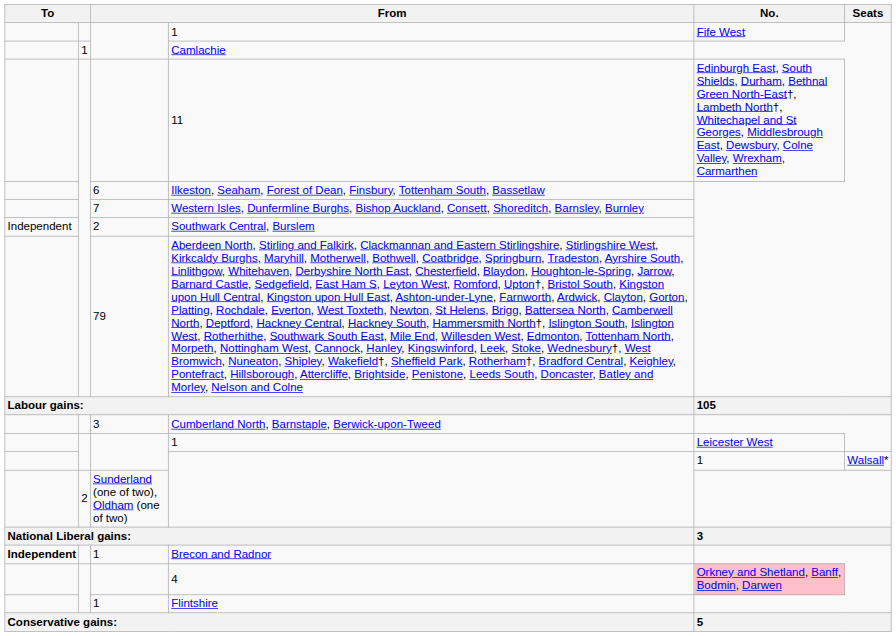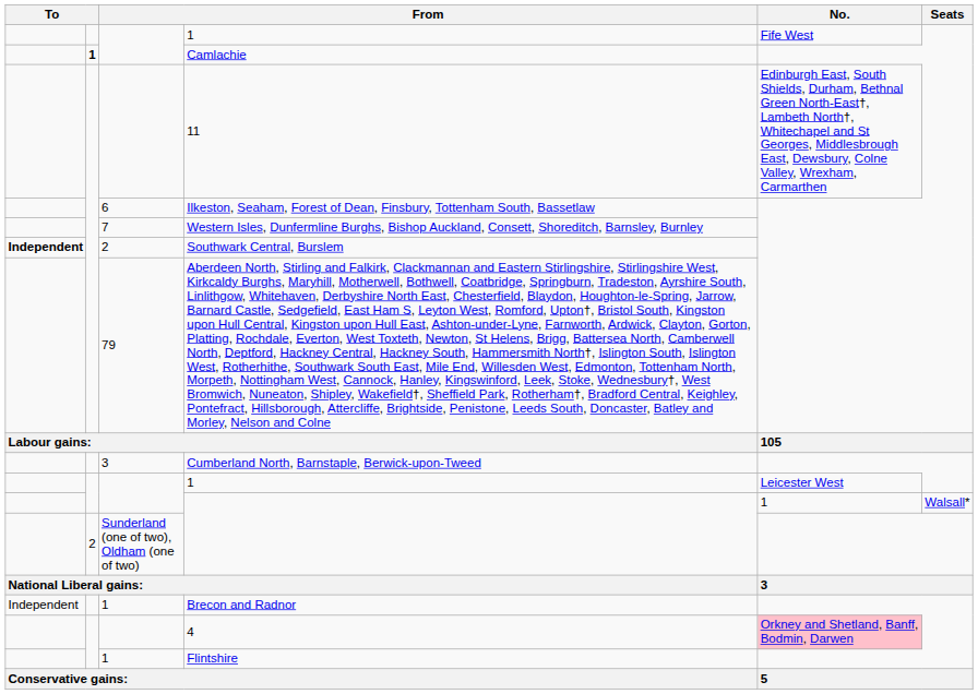 <table class="wikitable sortable" style="margin:1em">
 <tr>
 <th colspan=2>To</th>
 <th colspan=2>From</th>
 <th>No.</th>
 <th class=unsortable>Seats</th>
 </tr>
 <tr>
 <td></td>
 <td></td>
 <td rowspan="2"></td>
 <td>1</td>
 <td><a href='#'>Fife West</a></td>
 </tr>
 <tr>
 <td></td>
-<td>1</td>
+<td><strong>1</strong></td>
 <td><a href='#'>Camlachie</a></td>
 </tr>
 <tr>
 <td></td>
 <td rowspan="5"></td>
 <td></td>
 <td>11</td>
 <td><a href='#'>Edinburgh East</a>, <a href='#'>South Shields</a>, <a href='#'>Durham</a>, <a href='#'>Bethnal Green North-East</a>†, <a href='#'>Lambeth North</a>†, <a href='#'>Whitechapel and St Georges</a>, <a href='#'>Middlesbrough East</a>, <a href='#'>Dewsbury</a>, <a href='#'>Colne Valley</a>, <a href='#'>Wrexham</a>, <a href='#'>Carmarthen</a></td>
 </tr>
 <tr>
 <td></td>
 <td>6</td>
 <td><a href='#'>Ilkeston</a>, <a href='#'>Seaham</a>, <a href='#'>Forest of Dean</a>, <a href='#'>Finsbury</a>, <a href='#'>Tottenham South</a>, <a href='#'>Bassetlaw</a></td>
 </tr>
 <tr>
 <td></td>
 <td>7</td>
 <td><a href='#'>Western Isles</a>, <a href='#'>Dunfermline Burghs</a>, <a href='#'>Bishop Auckland</a>, <a href='#'>Consett</a>, <a href='#'>Shoreditch</a>, <a href='#'>Barnsley</a>, <a href='#'>Burnley</a></td>
 </tr>
 <tr>
-<td> Independent</td>
+<td><strong> Independent</strong></td>
 <td>2</td>
 <td><a href='#'>Southwark Central</a>, <a href='#'>Burslem</a></td>
 </tr>
 <tr>
 <td></td>
 <td>79</td>
 <td><a href='#'>Aberdeen North</a>, <a href='#'>Stirling and Falkirk</a>, <a href='#'>Clackmannan and Eastern Stirlingshire</a>, <a href='#'>Stirlingshire West</a>, <a href='#'>Kirkcaldy Burghs</a>, <a href='#'>Maryhill</a>, <a href='#'>Motherwell</a>, <a href='#'>Bothwell</a>, <a href='#'>Coatbridge</a>, <a href='#'>Springburn</a>, <a href='#'>Tradeston</a>, <a href='#'>Ayrshire South</a>, <a href='#'>Linlithgow</a>, <a href='#'>Whitehaven</a>, <a href='#'>Derbyshire North East</a>, <a href='#'>Chesterfield</a>, <a href='#'>Blaydon</a>, <a href='#'>Houghton-le-Spring</a>, <a href='#'>Jarrow</a>, <a href='#'>Barnard Castle</a>, <a href='#'>Sedgefield</a>, <a href='#'>East Ham S</a>, <a href='#'>Leyton West</a>, <a href='#'>Romford</a>, <a href='#'>Upton</a>†, <a href='#'>Bristol South</a>, <a href='#'>Kingston upon Hull Central</a>, <a href='#'>Kingston upon Hull East</a>, <a href='#'>Ashton-under-Lyne</a>, <a href='#'>Farnworth</a>, <a href='#'>Ardwick</a>, <a href='#'>Clayton</a>, <a href='#'>Gorton</a>, <a href='#'>Platting</a>, <a href='#'>Rochdale</a>, <a href='#'>Everton</a>, <a href='#'>West Toxteth</a>, <a href='#'>Newton</a>, <a href='#'>St Helens</a>, <a href='#'>Brigg</a>, <a href='#'>Battersea North</a>, <a href='#'>Camberwell North</a>, <a href='#'>Deptford</a>, <a href='#'>Hackney Central</a>, <a href='#'>Hackney South</a>, <a href='#'>Hammersmith North</a>†, <a href='#'>Islington South</a>, <a href='#'>Islington West</a>, <a href='#'>Rotherhithe</a>, <a href='#'>Southwark South East</a>, <a href='#'>Mile End</a>, <a href='#'>Willesden West</a>, <a href='#'>Edmonton</a>, <a href='#'>Tottenham North</a>, <a href='#'>Morpeth</a>, <a href='#'>Nottingham West</a>, <a href='#'>Cannock</a>, <a href='#'>Hanley</a>, <a href='#'>Kingswinford</a>, <a href='#'>Leek</a>, <a href='#'>Stoke</a>, <a href='#'>Wednesbury</a>†, <a href='#'>West Bromwich</a>, <a href='#'>Nuneaton</a>, <a href='#'>Shipley</a>, <a href='#'>Wakefield</a>†, <a href='#'>Sheffield Park</a>, <a href='#'>Rotherham</a>†, <a href='#'>Bradford Central</a>, <a href='#'>Keighley</a>, <a href='#'>Pontefract</a>, <a href='#'>Hillsborough</a>, <a href='#'>Attercliffe</a>, <a href='#'>Brightside</a>, <a href='#'>Penistone</a>, <a href='#'>Leeds South</a>, <a href='#'>Doncaster</a>, <a href='#'>Batley and Morley</a>, <a href='#'>Nelson and Colne</a></td>
 </tr>
 <tr class="sortbottom">
 <th style="text-align:left" colspan="4">Labour gains:</th>
 <th style="text-align:left" colspan="2">105</th>
 </tr>
 <tr>
 <td></td>
 <td></td>
 <td>3</td>
 <td><a href='#'>Cumberland North</a>, <a href='#'>Barnstaple</a>, <a href='#'>Berwick-upon-Tweed</a></td>
 </tr>
 <tr>
 <td></td>
 <td rowspan="2"></td>
 <td rowspan="2"></td>
 <td>1</td>
 <td><a href='#'>Leicester West</a></td>
 </tr>
 <tr>
 <td></td>
 <td rowspan="2"></td>
 <td>1</td>
 <td><a href='#'>Walsall</a>*</td>
 </tr>
 <tr>
 <td></td>
 <td>2</td>
 <td><a href='#'>Sunderland</a> (one of two), <a href='#'>Oldham</a> (one of two)</td>
 </tr>
 <tr class="sortbottom">
 <th style="text-align:left" colspan="4">National Liberal gains:</th>
 <th style="text-align:left" colspan="2">3</th>
 </tr>
 <tr>
-<td><strong> Independent</strong></td>
+<td> Independent</td>
 <td></td>
 <td>1</td>
 <td><a href='#'>Brecon and Radnor</a></td>
 </tr>
 <tr>
 <td></td>
 <td rowspan="2"></td>
 <td></td>
 <td>4</td>
 <td style="background: pink;"><a href='#'>Orkney and Shetland</a>, <a href='#'>Banff</a>, <a href='#'>Bodmin</a>, <a href='#'>Darwen</a></td>
 </tr>
 <tr>
 <td></td>
 <td>1</td>
 <td><a href='#'>Flintshire</a></td>
 </tr>
 <tr class="sortbottom">
 <th style="text-align:left" colspan="4">Conservative gains:</th>
 <th style="text-align:left" colspan="2">5</th>
 </tr>
 </table>
